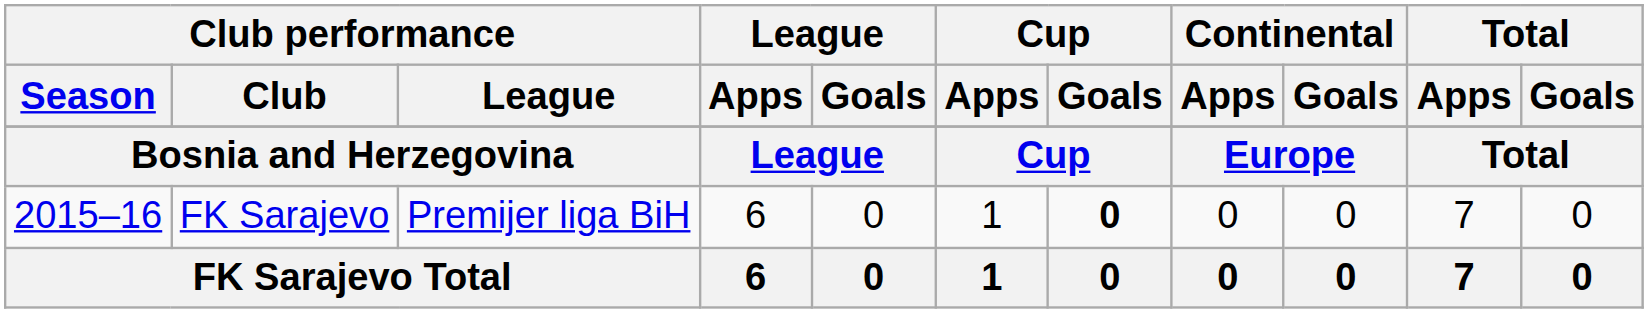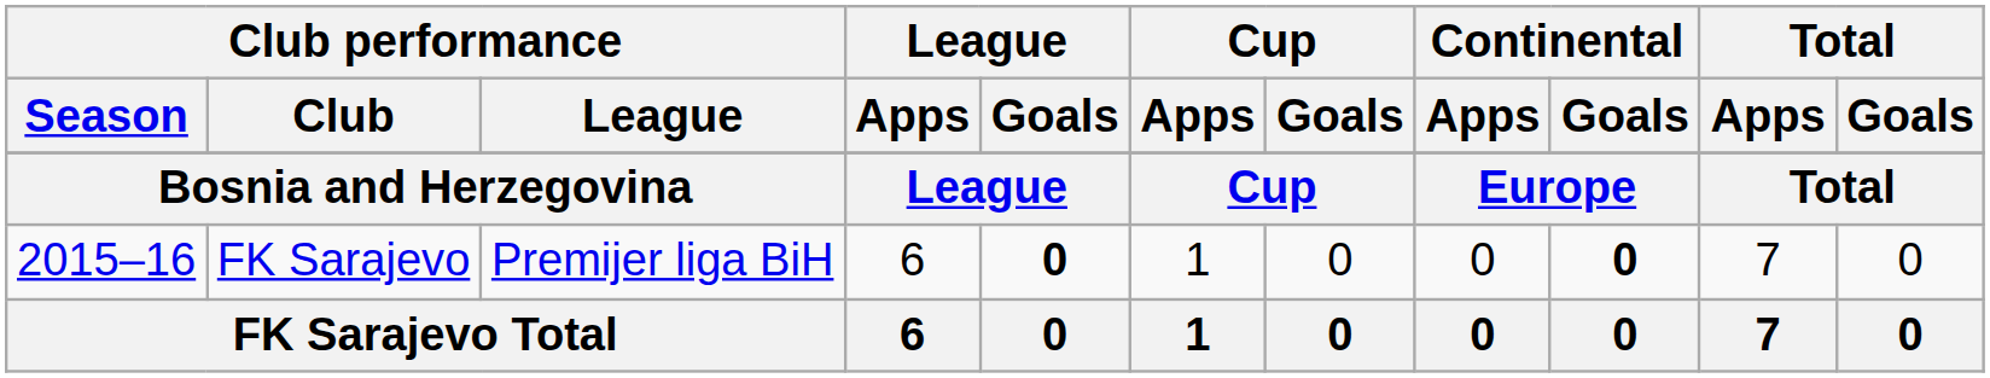 <table class="wikitable" style="text-align:center">
 <tr>
 <th colspan=3>Club performance</th>
 <th colspan=2>League</th>
 <th colspan=2>Cup</th>
 <th colspan=2>Continental</th>
 <th colspan=2>Total</th>
 </tr>
 <tr>
 <th><a href='#'>Season</a></th>
 <th>Club</th>
 <th>League</th>
 <th>Apps</th>
 <th>Goals</th>
 <th>Apps</th>
 <th>Goals</th>
 <th>Apps</th>
 <th>Goals</th>
 <th>Apps</th>
 <th>Goals</th>
 </tr>
 <tr>
 </tr>
 <tr>
 <th colspan=3>Bosnia and Herzegovina</th>
 <th colspan=2><a href='#'>League</a></th>
 <th colspan=2><a href='#'>Cup</a></th>
 <th colspan=2><a href='#'>Europe</a></th>
 <th colspan=2>Total</th>
 </tr>
 <tr>
 <td><a href='#'>2015–16</a></td>
 <td><a href='#'>FK Sarajevo</a></td>
 <td><a href='#'>Premijer liga BiH</a></td>
 <td>6</td>
-<td>0</td>
+<td><strong>0</strong></td>
 <td>1</td>
-<td><strong>0</strong></td>
 <td>0</td>
 <td>0</td>
+<td><strong>0</strong></td>
 <td>7</td>
 <td>0</td>
 </tr>
 <tr>
 <th colspan=3>FK Sarajevo Total</th>
 <th>6</th>
 <th>0</th>
 <th>1</th>
 <th>0</th>
 <th>0</th>
 <th>0</th>
 <th>7</th>
 <th>0</th>
 </tr>
 </table>
